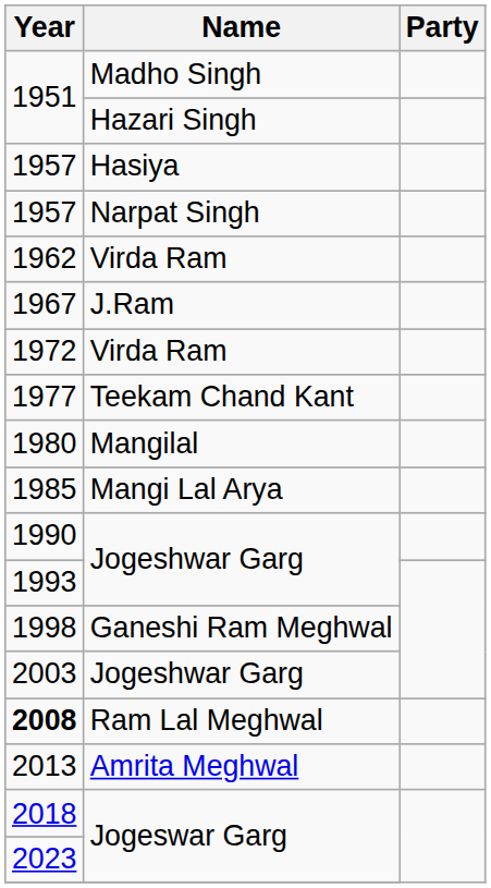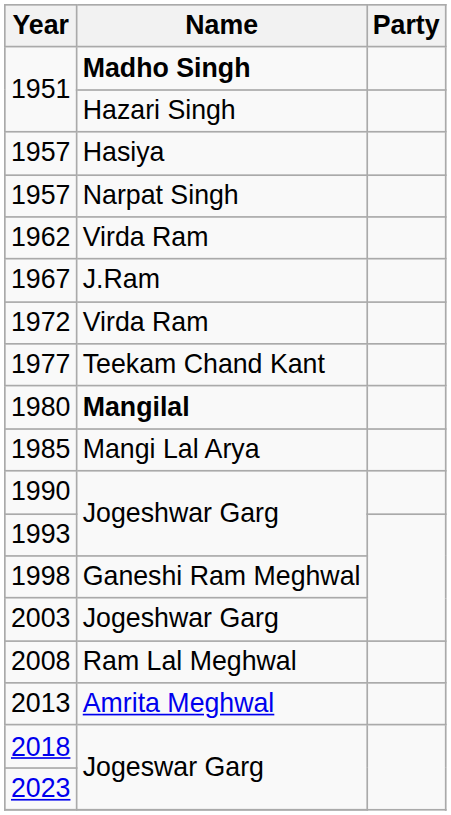 <table class="wikitable sortable">
 <tr>
 <th>Year</th>
 <th>Name</th>
 <th colspan=2>Party</th>
 </tr>
 <tr>
 <td rowspan=2>1951</td>
-<td>Madho Singh</td>
+<td><strong>Madho Singh</strong></td>
 <td></td>
 </tr>
 <tr>
 <td>Hazari Singh</td>
 <td></td>
 </tr>
 <tr>
 <td>1957</td>
 <td>Hasiya</td>
 <td></td>
 </tr>
 <tr>
 <td>1957</td>
 <td>Narpat Singh</td>
 </tr>
 <tr>
 <td>1962</td>
 <td>Virda Ram</td>
 <td></td>
 </tr>
 <tr>
 <td>1967</td>
 <td>J.Ram</td>
 <td></td>
 </tr>
 <tr>
 <td>1972</td>
 <td>Virda Ram</td>
 <td></td>
 </tr>
 <tr>
 <td>1977</td>
 <td>Teekam Chand Kant</td>
 <td></td>
 </tr>
 <tr>
 <td>1980</td>
-<td>Mangilal</td>
+<td><strong>Mangilal</strong></td>
 <td></td>
 </tr>
 <tr>
 <td>1985</td>
 <td>Mangi Lal Arya</td>
 </tr>
 <tr>
 <td>1990</td>
 <td rowspan=2>Jogeshwar Garg</td>
 <td></td>
 </tr>
 <tr>
 <td>1993</td>
 </tr>
 <tr>
 <td>1998</td>
 <td>Ganeshi Ram Meghwal</td>
 </tr>
 <tr>
 <td>2003</td>
 <td>Jogeshwar Garg</td>
 </tr>
 <tr>
-<td><strong>2008</strong></td>
+<td>2008</td>
 <td>Ram Lal Meghwal</td>
 <td></td>
 </tr>
 <tr>
 <td>2013</td>
 <td><a href='#'>Amrita Meghwal</a></td>
 <td></td>
 </tr>
 <tr>
 <td><a href='#'>2018</a></td>
 <td rowspan=2>Jogeswar Garg</td>
 </tr>
 <tr>
 <td><a href='#'>2023</a></td>
 </tr>
 <tr>
 </tr>
 </table>
